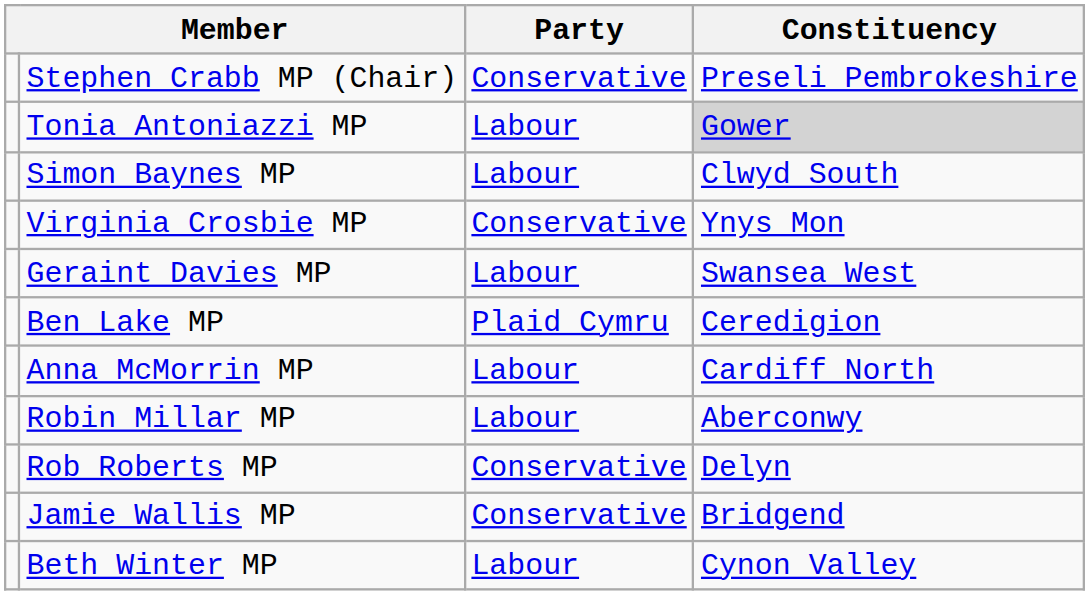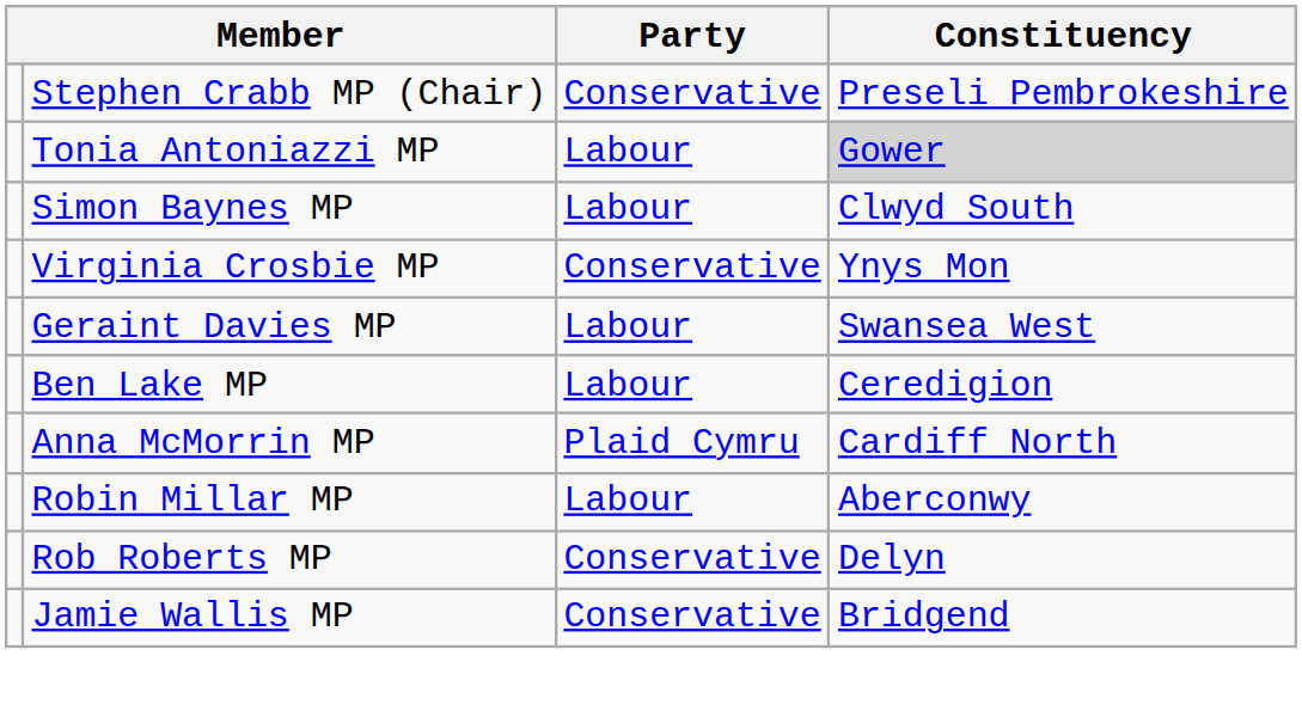 <table class="wikitable">
 <tr>
 <th colspan="2" valign="top">Member</th>
 <th valign="top">Party</th>
 <th valign="top">Constituency</th>
 </tr>
 <tr>
 <td style="color:inherit;background:"></td>
 <td><a href='#'>Stephen Crabb</a> MP (Chair)</td>
 <td><a href='#'>Conservative</a></td>
 <td><a href='#'>Preseli Pembrokeshire</a></td>
 </tr>
 <tr>
 <td style="color:inherit;background:"></td>
 <td><a href='#'>Tonia Antoniazzi</a> MP</td>
 <td><a href='#'>Labour</a></td>
 <td style="background: lightgrey;"><a href='#'>Gower</a></td>
 </tr>
 <tr>
 <td style="color:inherit;background:"></td>
 <td><a href='#'>Simon Baynes</a> MP</td>
 <td><a href='#'>Labour</a></td>
 <td><a href='#'>Clwyd South</a></td>
 </tr>
 <tr>
 <td style="color:inherit;background:"></td>
 <td><a href='#'>Virginia Crosbie</a> MP</td>
 <td><a href='#'>Conservative</a></td>
 <td><a href='#'>Ynys Mon</a></td>
 </tr>
 <tr>
 <td style="color:inherit;background:"></td>
 <td><a href='#'>Geraint Davies</a> MP</td>
 <td><a href='#'>Labour</a></td>
 <td><a href='#'>Swansea West</a></td>
 </tr>
 <tr>
 <td style="color:inherit;background:"></td>
 <td><a href='#'>Ben Lake</a> MP</td>
-<td><a href='#'>Plaid Cymru</a></td>
+<td><a href='#'>Labour</a></td>
 <td><a href='#'>Ceredigion</a></td>
 </tr>
 <tr>
 <td style="color:inherit;background:"></td>
 <td><a href='#'>Anna McMorrin</a> MP</td>
-<td><a href='#'>Labour</a></td>
+<td><a href='#'>Plaid Cymru</a></td>
 <td><a href='#'>Cardiff North</a></td>
 </tr>
 <tr>
 <td style="color:inherit;background:"></td>
 <td><a href='#'>Robin Millar</a> MP</td>
 <td><a href='#'>Labour</a></td>
 <td><a href='#'>Aberconwy</a></td>
 </tr>
 <tr>
 <td style="color:inherit;background:"></td>
 <td><a href='#'>Rob Roberts</a> MP</td>
 <td><a href='#'>Conservative</a></td>
 <td><a href='#'>Delyn</a></td>
 </tr>
 <tr>
 <td style="color:inherit;background:"></td>
 <td><a href='#'>Jamie Wallis</a> MP</td>
 <td><a href='#'>Conservative</a></td>
 <td><a href='#'>Bridgend</a></td>
 </tr>
-<tr>
-<td style="color:inherit;background:"></td>
-<td><a href='#'>Beth Winter</a> MP</td>
-<td><a href='#'>Labour</a></td>
-<td><a href='#'>Cynon Valley</a></td>
-</tr>
 </table>
